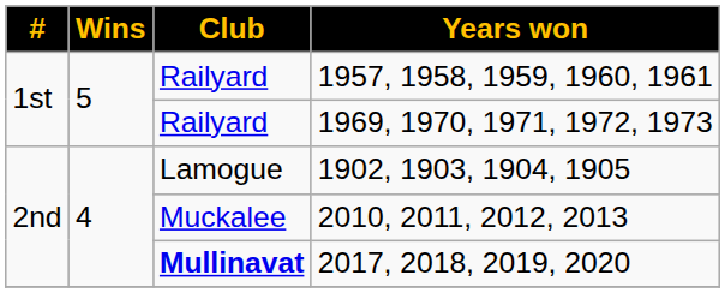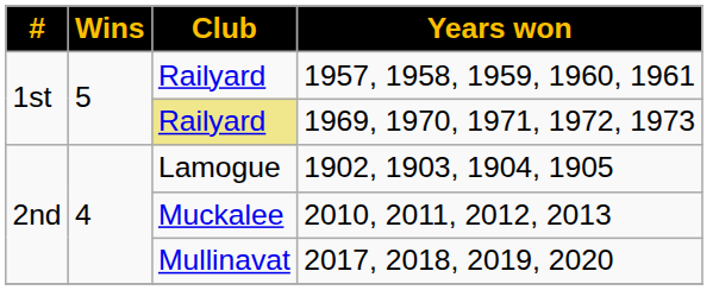 <table class="wikitable">
 <tr>
 <th style="background:black;color:#FFC000;">#</th>
 <th style="background:black;color:#FFC000;">Wins</th>
 <th style="background:black;color:#FFC000;">Club</th>
 <th style="background:black;color:#FFC000;">Years won</th>
 </tr>
 <tr>
 <td rowspan=2>1st</td>
 <td rowspan=2>5</td>
 <td><a href='#'>Railyard</a></td>
 <td>1957, 1958, 1959, 1960, 1961</td>
 </tr>
 <tr>
-<td><a href='#'>Railyard</a></td>
+<td style="background: khaki;"><a href='#'>Railyard</a></td>
 <td>1969, 1970, 1971, 1972, 1973</td>
 </tr>
 <tr>
 <td rowspan=3>2nd</td>
 <td rowspan=3>4</td>
 <td>Lamogue</td>
 <td>1902, 1903, 1904, 1905</td>
 </tr>
 <tr>
 <td><a href='#'>Muckalee</a></td>
 <td>2010, 2011, 2012, 2013</td>
 </tr>
 <tr>
-<td><strong><a href='#'>Mullinavat</a></strong></td>
+<td><a href='#'>Mullinavat</a></td>
 <td>2017, 2018, 2019, 2020</td>
 </tr>
 <tr>
 </tr>
 </table>
